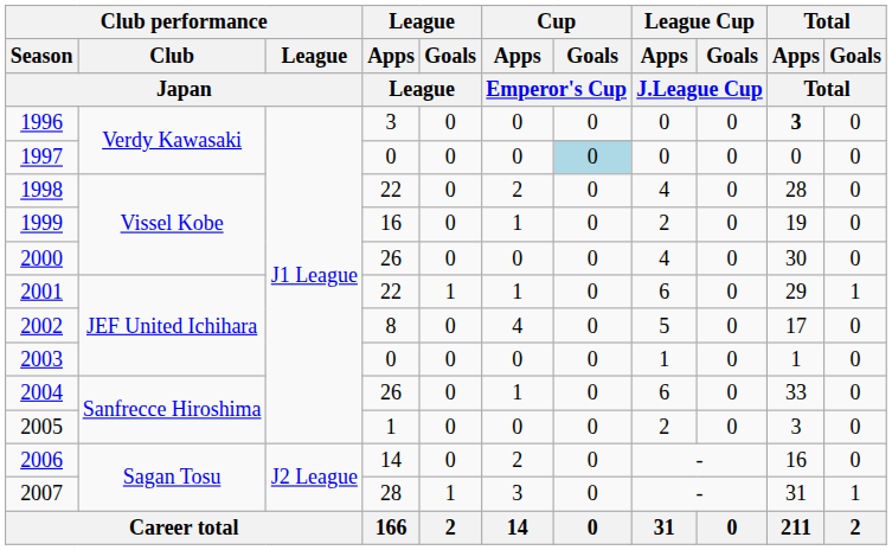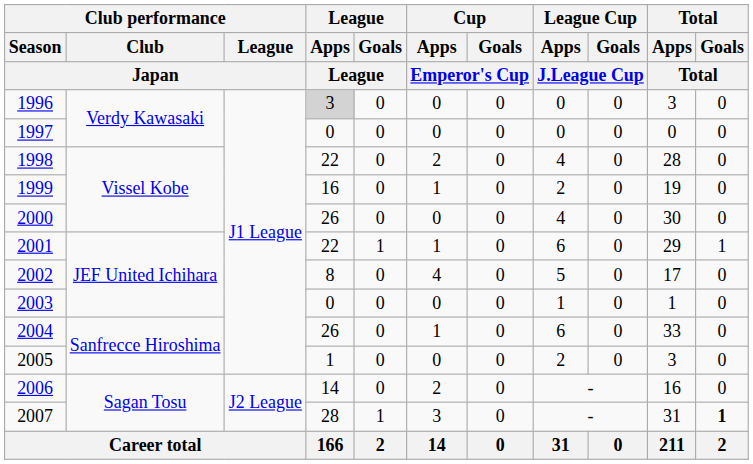 <table class="wikitable" style="text-align:center">
 <tr>
 <th colspan=3>Club performance</th>
 <th colspan=2>League</th>
 <th colspan=2>Cup</th>
 <th colspan=2>League Cup</th>
 <th colspan=2>Total</th>
 </tr>
 <tr>
 <th>Season</th>
 <th>Club</th>
 <th>League</th>
 <th>Apps</th>
 <th>Goals</th>
 <th>Apps</th>
 <th>Goals</th>
 <th>Apps</th>
 <th>Goals</th>
 <th>Apps</th>
 <th>Goals</th>
 </tr>
 <tr>
 <th colspan=3>Japan</th>
 <th colspan=2>League</th>
 <th colspan=2><a href='#'>Emperor's Cup</a></th>
 <th colspan=2><a href='#'>J.League Cup</a></th>
 <th colspan=2>Total</th>
 </tr>
 <tr>
 <td><a href='#'>1996</a></td>
 <td rowspan=2><a href='#'>Verdy Kawasaki</a></td>
 <td rowspan="10"><a href='#'>J1 League</a></td>
-<td>3</td>
+<td style="background: lightgrey;">3</td>
 <td>0</td>
 <td>0</td>
 <td>0</td>
 <td>0</td>
 <td>0</td>
-<td><strong>3</strong></td>
+<td>3</td>
 <td>0</td>
 </tr>
 <tr>
 <td><a href='#'>1997</a></td>
 <td>0</td>
 <td>0</td>
 <td>0</td>
-<td style="background: lightblue;">0</td>
+<td>0</td>
 <td>0</td>
 <td>0</td>
 <td>0</td>
 <td>0</td>
 </tr>
 <tr>
 <td><a href='#'>1998</a></td>
 <td rowspan=3><a href='#'>Vissel Kobe</a></td>
 <td>22</td>
 <td>0</td>
 <td>2</td>
 <td>0</td>
 <td>4</td>
 <td>0</td>
 <td>28</td>
 <td>0</td>
 </tr>
 <tr>
 <td><a href='#'>1999</a></td>
 <td>16</td>
 <td>0</td>
 <td>1</td>
 <td>0</td>
 <td>2</td>
 <td>0</td>
 <td>19</td>
 <td>0</td>
 </tr>
 <tr>
 <td><a href='#'>2000</a></td>
 <td>26</td>
 <td>0</td>
 <td>0</td>
 <td>0</td>
 <td>4</td>
 <td>0</td>
 <td>30</td>
 <td>0</td>
 </tr>
 <tr>
 <td><a href='#'>2001</a></td>
 <td rowspan=3><a href='#'>JEF United Ichihara</a></td>
 <td>22</td>
 <td>1</td>
 <td>1</td>
 <td>0</td>
 <td>6</td>
 <td>0</td>
 <td>29</td>
 <td>1</td>
 </tr>
 <tr>
 <td><a href='#'>2002</a></td>
 <td>8</td>
 <td>0</td>
 <td>4</td>
 <td>0</td>
 <td>5</td>
 <td>0</td>
 <td>17</td>
 <td>0</td>
 </tr>
 <tr>
 <td><a href='#'>2003</a></td>
 <td>0</td>
 <td>0</td>
 <td>0</td>
 <td>0</td>
 <td>1</td>
 <td>0</td>
 <td>1</td>
 <td>0</td>
 </tr>
 <tr>
 <td><a href='#'>2004</a></td>
 <td rowspan=2><a href='#'>Sanfrecce Hiroshima</a></td>
 <td>26</td>
 <td>0</td>
 <td>1</td>
 <td>0</td>
 <td>6</td>
 <td>0</td>
 <td>33</td>
 <td>0</td>
 </tr>
 <tr>
 <td>2005</td>
 <td>1</td>
 <td>0</td>
 <td>0</td>
 <td>0</td>
 <td>2</td>
 <td>0</td>
 <td>3</td>
 <td>0</td>
 </tr>
 <tr>
 <td><a href='#'>2006</a></td>
 <td rowspan=2><a href='#'>Sagan Tosu</a></td>
 <td rowspan="2"><a href='#'>J2 League</a></td>
 <td>14</td>
 <td>0</td>
 <td>2</td>
 <td>0</td>
 <td colspan=2>-</td>
 <td>16</td>
 <td>0</td>
 </tr>
 <tr>
 <td>2007</td>
 <td>28</td>
 <td>1</td>
 <td>3</td>
 <td>0</td>
 <td colspan=2>-</td>
 <td>31</td>
-<td>1</td>
+<td><strong>1</strong></td>
 </tr>
 <tr>
 <th colspan=3>Career total</th>
 <th>166</th>
 <th>2</th>
 <th>14</th>
 <th>0</th>
 <th>31</th>
 <th>0</th>
 <th>211</th>
 <th>2</th>
 </tr>
 </table>
